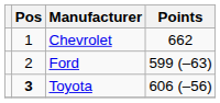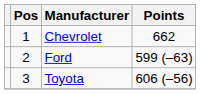 <table class="wikitable" style="font-size: 95%">
 <tr>
 <th></th>
 <th>Pos</th>
 <th>Manufacturer</th>
 <th>Points</th>
 </tr>
 <tr>
 <td align="left"></td>
 <td style="text-align:center;">1</td>
 <td><a href='#'>Chevrolet</a></td>
 <td style="text-align:center;">662</td>
 </tr>
 <tr>
 <td align="left"></td>
 <td style="text-align:center;">2</td>
 <td><a href='#'>Ford</a></td>
 <td style="text-align:center;">599 (–63)</td>
 </tr>
 <tr>
 <td align="left"></td>
-<td style="text-align:center;"><strong>3</strong></td>
+<td style="text-align:center;">3</td>
 <td><a href='#'>Toyota</a></td>
 <td style="text-align:center;">606 (–56)</td>
 </tr>
 <tr class="sortbottom">
 </tr>
 </table>
